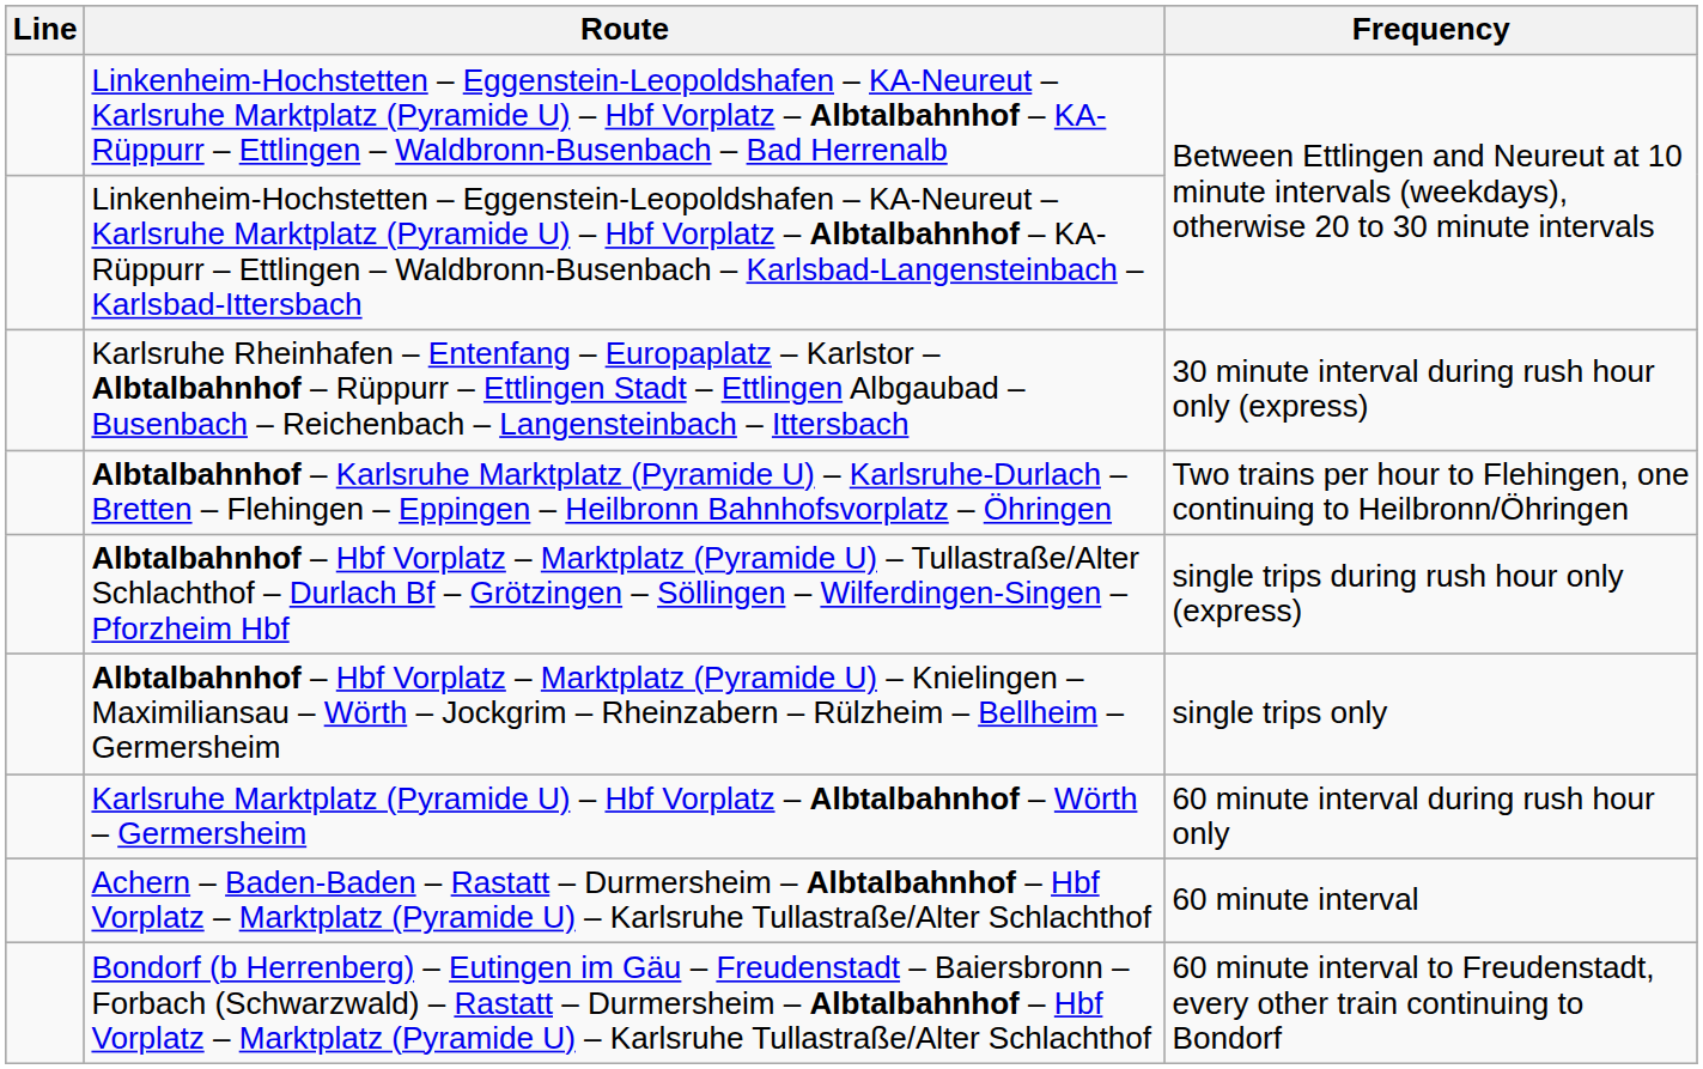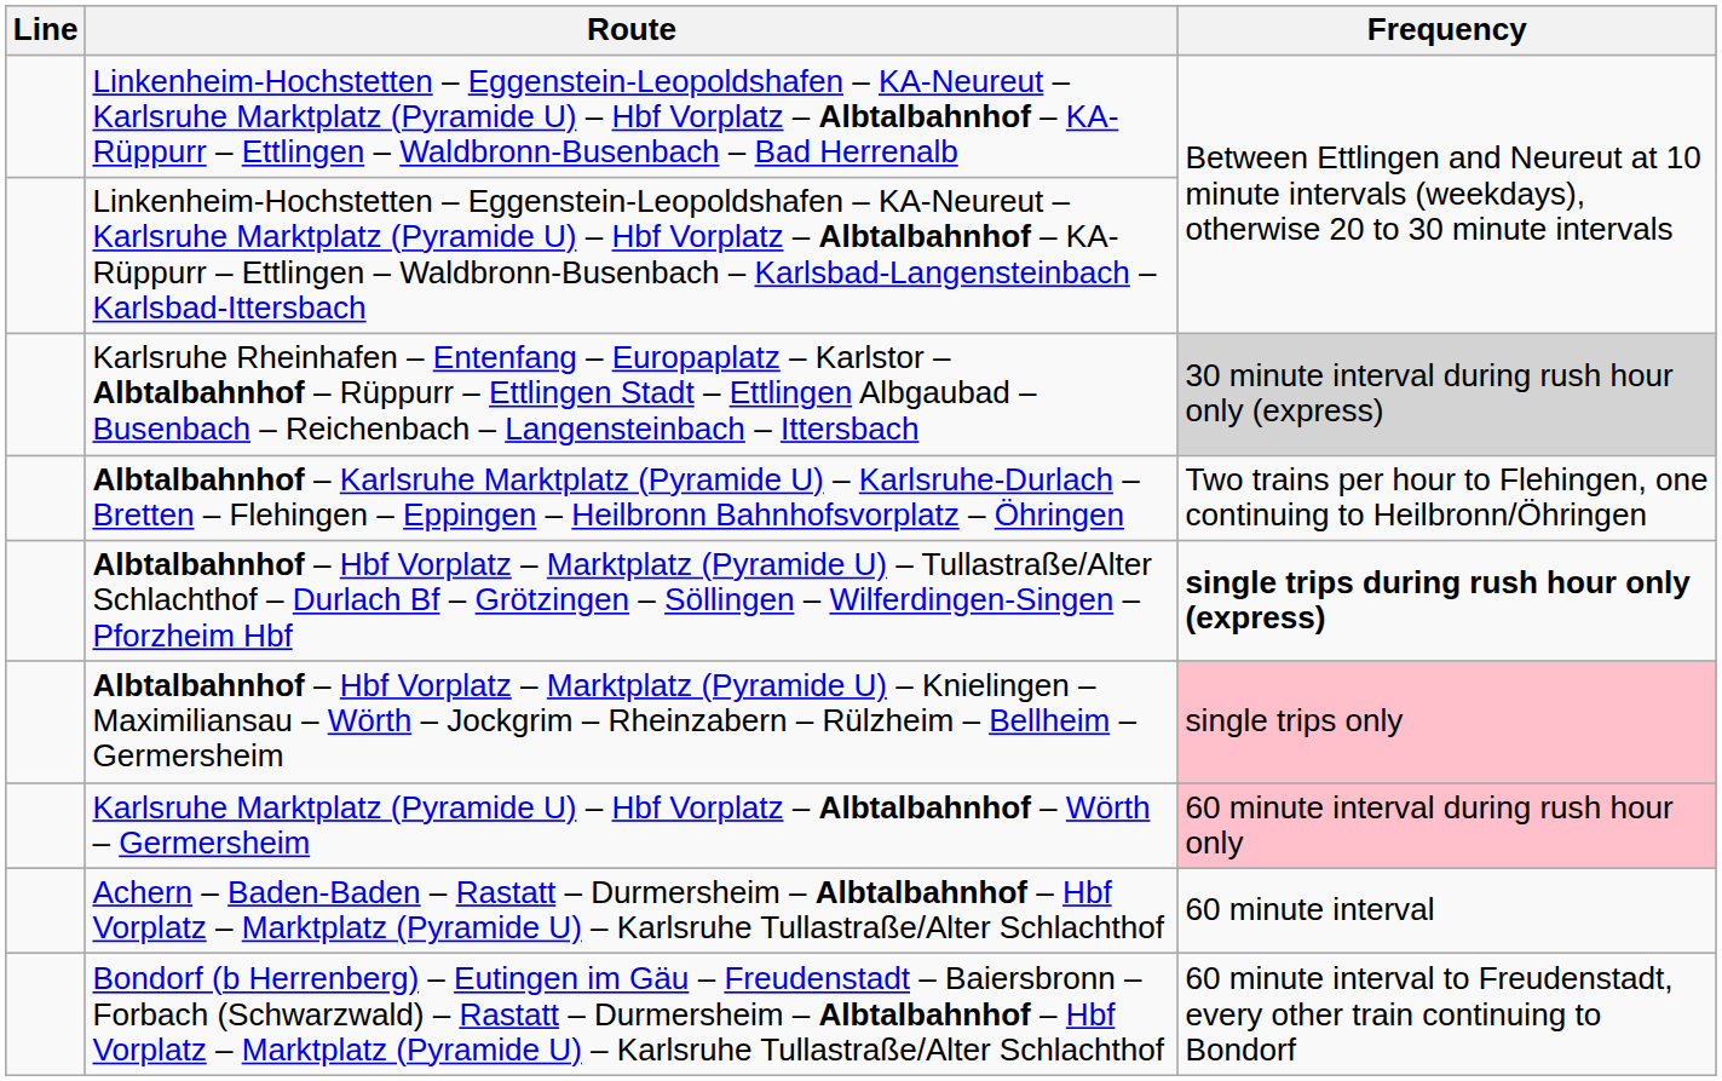 <table class="wikitable">
 <tr>
 <th>Line</th>
 <th>Route</th>
 <th>Frequency</th>
 </tr>
 <tr>
 <td></td>
 <td><a href='#'>Linkenheim-Hochstetten</a> – <a href='#'>Eggenstein-Leopoldshafen</a> – <a href='#'>KA-Neureut</a> – <a href='#'>Karlsruhe Marktplatz (Pyramide U)</a> – <a href='#'>Hbf Vorplatz</a> – <strong>Albtalbahnhof</strong> – <a href='#'>KA-Rüppurr</a> – <a href='#'>Ettlingen</a> – <a href='#'>Waldbronn-Busenbach</a> – <a href='#'>Bad Herrenalb</a></td>
 <td rowspan="2">Between Ettlingen and Neureut at 10 minute intervals (weekdays), otherwise 20 to 30 minute intervals</td>
 </tr>
 <tr>
 <td></td>
 <td>Linkenheim-Hochstetten – Eggenstein-Leopoldshafen – KA-Neureut – <a href='#'>Karlsruhe Marktplatz (Pyramide U)</a> – <a href='#'>Hbf Vorplatz</a> – <strong>Albtalbahnhof</strong> – KA-Rüppurr – Ettlingen – Waldbronn-Busenbach – <a href='#'>Karlsbad-Langensteinbach</a> – <a href='#'>Karlsbad-Ittersbach</a></td>
 </tr>
 <tr>
 <td></td>
 <td>Karlsruhe Rheinhafen – <a href='#'>Entenfang</a> – <a href='#'>Europaplatz</a> – Karlstor – <strong>Albtalbahnhof</strong> – Rüppurr – <a href='#'>Ettlingen Stadt</a> – <a href='#'>Ettlingen</a> Albgaubad – <a href='#'>Busenbach</a> – Reichenbach – <a href='#'>Langensteinbach</a> – <a href='#'>Ittersbach</a></td>
-<td>30 minute interval during rush hour only (express)</td>
+<td style="background: lightgrey;">30 minute interval during rush hour only (express)</td>
 </tr>
 <tr>
 <td></td>
 <td><strong>Albtalbahnhof</strong> – <a href='#'>Karlsruhe Marktplatz (Pyramide U)</a> – <a href='#'>Karlsruhe-Durlach</a> – <a href='#'>Bretten</a> – Flehingen – <a href='#'>Eppingen</a> – <a href='#'>Heilbronn Bahnhofsvorplatz</a> – <a href='#'>Öhringen</a></td>
 <td>Two trains per hour to Flehingen, one continuing to Heilbronn/Öhringen</td>
 </tr>
 <tr>
 <td></td>
 <td><strong>Albtalbahnhof</strong> – <a href='#'>Hbf Vorplatz</a> – <a href='#'>Marktplatz (Pyramide U)</a> – Tullastraße/Alter Schlachthof – <a href='#'>Durlach Bf</a> – <a href='#'>Grötzingen</a> – <a href='#'>Söllingen</a> – <a href='#'>Wilferdingen-Singen</a> – <a href='#'>Pforzheim Hbf</a></td>
-<td>single trips during rush hour only (express)</td>
+<td><strong>single trips during rush hour only (express)</strong></td>
 </tr>
 <tr>
 <td></td>
 <td><strong>Albtalbahnhof</strong> – <a href='#'>Hbf Vorplatz</a> – <a href='#'>Marktplatz (Pyramide U)</a> – Knielingen – Maximiliansau – <a href='#'>Wörth</a> – Jockgrim – Rheinzabern – Rülzheim – <a href='#'>Bellheim</a> – Germersheim</td>
-<td>single trips only</td>
+<td style="background: pink;">single trips only</td>
 </tr>
 <tr>
 <td></td>
 <td><a href='#'>Karlsruhe Marktplatz (Pyramide U)</a> – <a href='#'>Hbf Vorplatz</a> – <strong>Albtalbahnhof</strong> – <a href='#'>Wörth</a> – <a href='#'>Germersheim</a></td>
-<td>60 minute interval during rush hour only</td>
+<td style="background: pink;">60 minute interval during rush hour only</td>
 </tr>
 <tr>
 <td></td>
 <td><a href='#'>Achern</a> – <a href='#'>Baden-Baden</a> – <a href='#'>Rastatt</a> – Durmersheim – <strong>Albtalbahnhof</strong> – <a href='#'>Hbf Vorplatz</a> – <a href='#'>Marktplatz (Pyramide U)</a> – Karlsruhe Tullastraße/Alter Schlachthof</td>
 <td>60 minute interval</td>
 </tr>
 <tr>
 <td></td>
 <td><a href='#'>Bondorf (b Herrenberg)</a> – <a href='#'>Eutingen im Gäu</a> – <a href='#'>Freudenstadt</a> – Baiersbronn – Forbach (Schwarzwald) – <a href='#'>Rastatt</a> – Durmersheim – <strong>Albtalbahnhof</strong>  – <a href='#'>Hbf Vorplatz</a> – <a href='#'>Marktplatz (Pyramide U)</a> – Karlsruhe Tullastraße/Alter Schlachthof</td>
 <td>60 minute interval to Freudenstadt, every other train continuing to Bondorf</td>
 </tr>
 </table>
